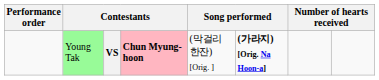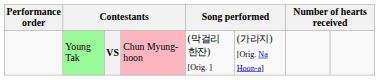 <table class=wikitable>
 <tr>
 <th>Performance<br>order</th>
 <th colspan=3>Contestants</th>
 <th colspan=2>Song performed</th>
 <th colspan=2>Number of hearts received</th>
 </tr>
 <tr>
 <td></td>
 <td bgcolor=palegreen>Young Tak</td>
 <th rowspan=4>VS</th>
-<td bgcolor=lightpink><strong>Chun Myung-hoon</strong></td>
+<td bgcolor=lightpink>Chun Myung-hoon</td>
 <td>(막걸리 한잔)<br><sub>[Orig. ]</sub></td>
-<td><strong>(가라지)<br><sub>[Orig. <a href='#'>Na Hoon-a</a>]</sub></strong></td>
+<td>(가라지)<br><sub>[Orig. <a href='#'>Na Hoon-a</a>]</sub></td>
 <td></td>
 <td></td>
 </tr>
 </table>
